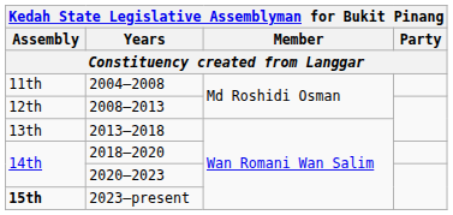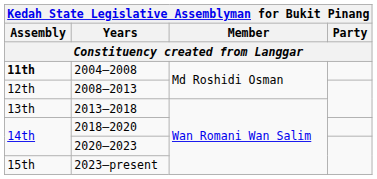 <table class="wikitable">
 <tr>
 <th colspan="4"><a href='#'>Kedah State Legislative Assemblyman</a> for Bukit Pinang</th>
 </tr>
 <tr>
 <th>Assembly</th>
 <th>Years</th>
 <th>Member</th>
 <th>Party</th>
 </tr>
 <tr>
 <th colspan="4" align="center"><em>Constituency created from Langgar</em></th>
 </tr>
 <tr>
-<td>11th</td>
+<td><strong>11th</strong></td>
 <td>2004–2008</td>
 <td rowspan="2">Md Roshidi Osman</td>
 <td rowspan="1"></td>
 </tr>
 <tr>
 <td>12th</td>
 <td>2008–2013</td>
 <td rowspan=2></td>
 </tr>
 <tr>
 <td>13th</td>
 <td>2013–2018</td>
 <td rowspan="4"><a href='#'>Wan Romani Wan Salim</a></td>
 </tr>
 <tr>
 <td rowspan="2"><a href='#'>14th</a></td>
 <td>2018–2020</td>
 <td rowspan="1"></td>
 </tr>
 <tr>
 <td>2020–2023</td>
 <td rowspan="2"></td>
 </tr>
 <tr>
-<td><strong>15th</strong></td>
+<td>15th</td>
 <td>2023–present</td>
 </tr>
 </table>
